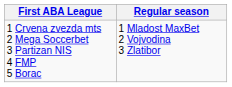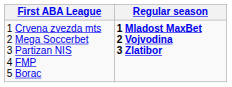 <table class=wikitable width=40%>
 <tr>
 <th width=13%><a href='#'>First ABA League</a></th>
 <th width=13%><a href='#'>Regular season</a></th>
 </tr>
 <tr valign=top>
 <td>1 <a href='#'>Crvena zvezda mts</a><br>2 <a href='#'>Mega Soccerbet</a><br>3 <a href='#'>Partizan NIS</a><br>4 <a href='#'>FMP</a><br>5 <a href='#'>Borac</a></td>
-<td>1 <a href='#'>Mladost MaxBet</a><br>2 <a href='#'>Vojvodina</a><br>3 <a href='#'>Zlatibor</a></td>
+<td><strong>1 <a href='#'>Mladost MaxBet</a><br>2 <a href='#'>Vojvodina</a><br>3 <a href='#'>Zlatibor</a></strong></td>
 </tr>
 </table>
